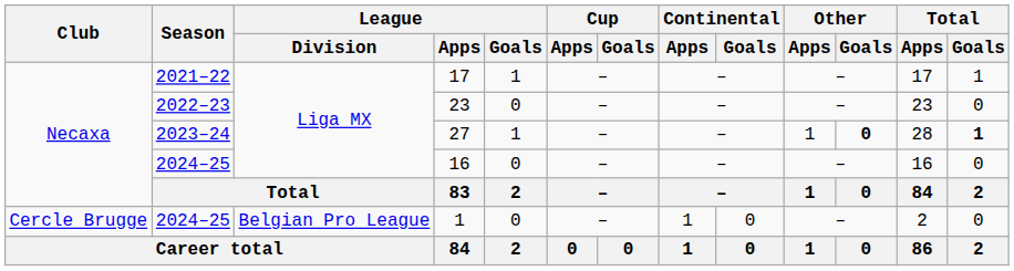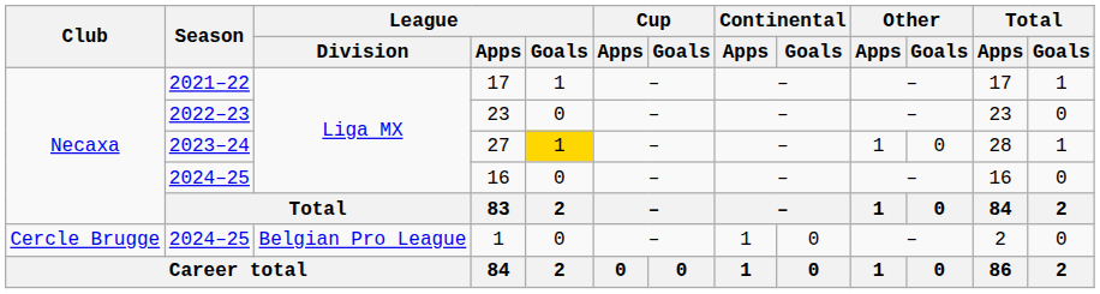 <table class="wikitable" style="text-align: center">
 <tr>
 <th rowspan="2">Club</th>
 <th rowspan="2">Season</th>
 <th colspan="3">League</th>
 <th colspan="2">Cup</th>
 <th colspan="2">Continental</th>
 <th colspan="2">Other</th>
 <th colspan="2">Total</th>
 </tr>
 <tr>
 <th>Division</th>
 <th>Apps</th>
 <th>Goals</th>
 <th>Apps</th>
 <th>Goals</th>
 <th>Apps</th>
 <th>Goals</th>
 <th>Apps</th>
 <th>Goals</th>
 <th>Apps</th>
 <th>Goals</th>
 </tr>
 <tr>
 <td rowspan="5"><a href='#'>Necaxa</a></td>
 <td><a href='#'>2021–22</a></td>
 <td rowspan="4"><a href='#'>Liga MX</a></td>
 <td>17</td>
 <td>1</td>
 <td colspan="2">–</td>
 <td colspan="2">–</td>
 <td colspan="2">–</td>
 <td>17</td>
 <td>1</td>
 </tr>
 <tr>
 <td><a href='#'>2022–23</a></td>
 <td>23</td>
 <td>0</td>
 <td colspan=2>–</td>
 <td colspan=2>–</td>
 <td colspan=2>–</td>
 <td>23</td>
 <td>0</td>
 </tr>
 <tr>
 <td><a href='#'>2023–24</a></td>
 <td>27</td>
-<td>1</td>
+<td style="background: gold;">1</td>
 <td colspan=2>–</td>
 <td colspan=2>–</td>
 <td>1</td>
-<td><strong>0</strong></td>
+<td>0</td>
 <td>28</td>
-<td><strong>1</strong></td>
+<td>1</td>
 </tr>
 <tr>
 <td><a href='#'>2024–25</a></td>
 <td>16</td>
 <td>0</td>
 <td colspan=2>–</td>
 <td colspan=2>–</td>
 <td colspan=2>–</td>
 <td>16</td>
 <td>0</td>
 </tr>
 <tr>
 <th colspan="2">Total</th>
 <th>83</th>
 <th>2</th>
 <th colspan="2">–</th>
 <th colspan="2">–</th>
 <th>1</th>
 <th>0</th>
 <th>84</th>
 <th>2</th>
 </tr>
 <tr>
 <td rowspan="1"><a href='#'>Cercle Brugge</a></td>
 <td><a href='#'>2024–25</a></td>
 <td><a href='#'>Belgian Pro League</a></td>
 <td>1</td>
 <td>0</td>
 <td colspan="2">–</td>
 <td>1</td>
 <td>0</td>
 <td colspan="2">–</td>
 <td>2</td>
 <td>0</td>
 </tr>
 <tr>
 <th colspan="3">Career total</th>
 <th>84</th>
 <th>2</th>
 <th>0</th>
 <th>0</th>
 <th>1</th>
 <th>0</th>
 <th>1</th>
 <th>0</th>
 <th>86</th>
 <th>2</th>
 </tr>
 </table>
